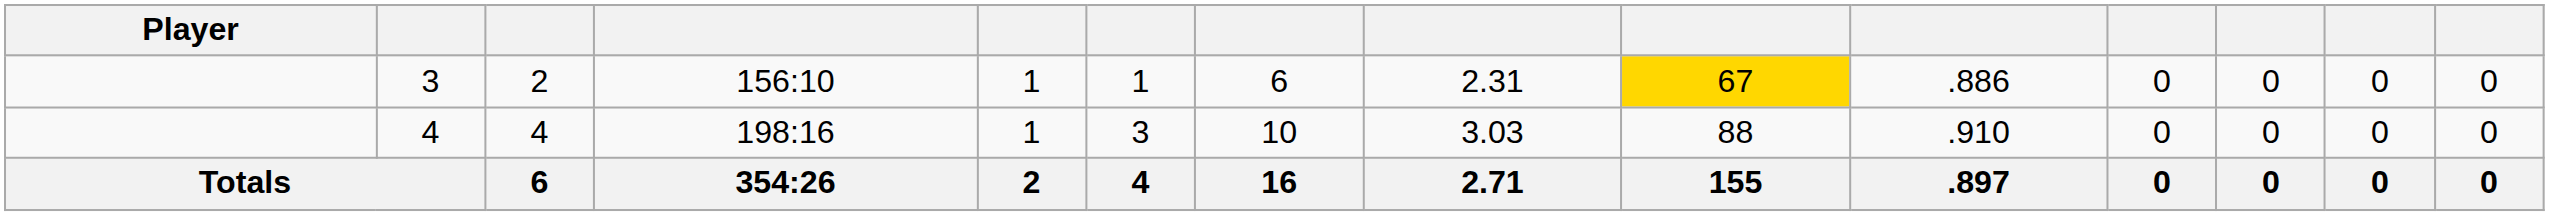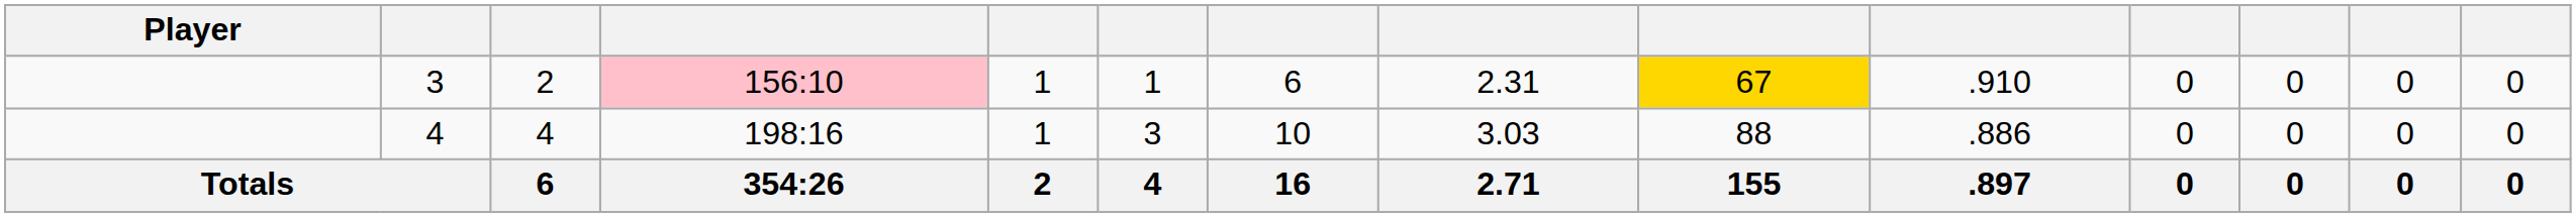 <table class="wikitable sortable" style="width:100%;">
 <tr style="text-align:center; background:#ddd;">
 <th>Player</th>
 <th></th>
 <th></th>
 <th></th>
 <th></th>
 <th></th>
 <th></th>
 <th></th>
 <th></th>
 <th></th>
 <th></th>
 <th></th>
 <th></th>
 <th></th>
 </tr>
 <tr align=center>
 <td style=white-space:nowrap></td>
 <td>3</td>
 <td>2</td>
-<td>156:10</td>
+<td style="background: pink;">156:10</td>
 <td>1</td>
 <td>1</td>
 <td>6</td>
 <td>2.31</td>
 <td style="background: gold;">67</td>
-<td>.886</td>
+<td>.910</td>
 <td>0</td>
 <td>0</td>
 <td>0</td>
 <td>0</td>
 </tr>
 <tr align=center>
 <td style=white-space:nowrap></td>
 <td>4</td>
 <td>4</td>
 <td>198:16</td>
 <td>1</td>
 <td>3</td>
 <td>10</td>
 <td>3.03</td>
 <td>88</td>
-<td>.910</td>
+<td>.886</td>
 <td>0</td>
 <td>0</td>
 <td>0</td>
 <td>0</td>
 </tr>
 <tr class="unsortable">
 <th colspan=2>Totals</th>
 <th>6</th>
 <th>354:26</th>
 <th>2</th>
 <th>4</th>
 <th>16</th>
 <th>2.71</th>
 <th>155</th>
 <th>.897</th>
 <th>0</th>
 <th>0</th>
 <th>0</th>
 <th>0</th>
 </tr>
 </table>
